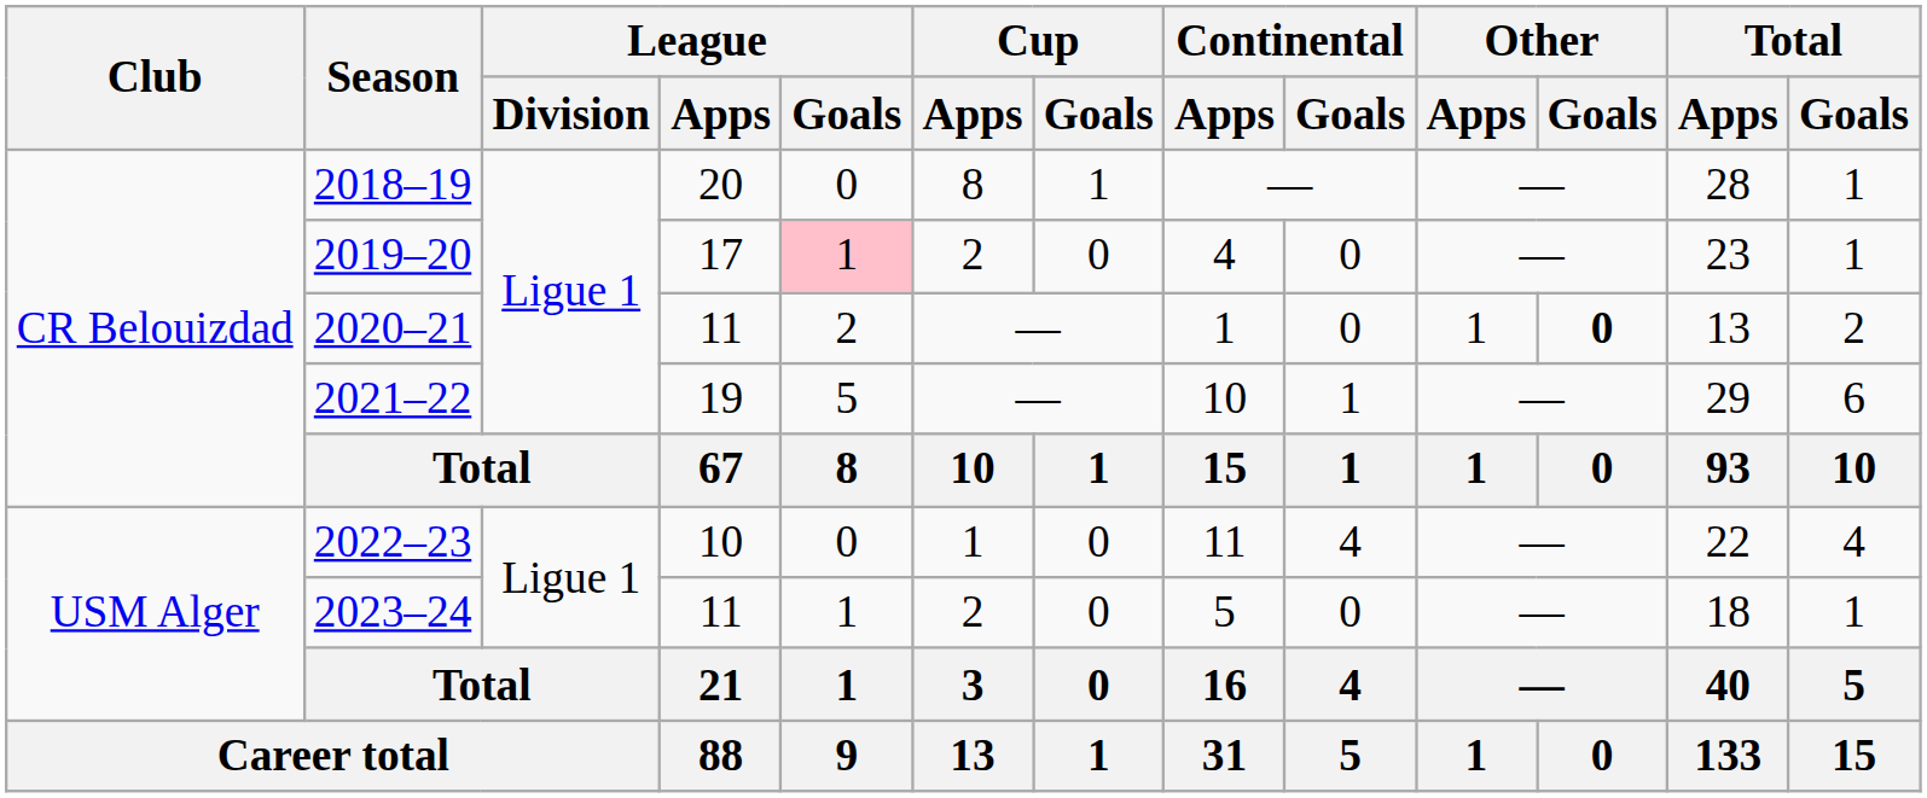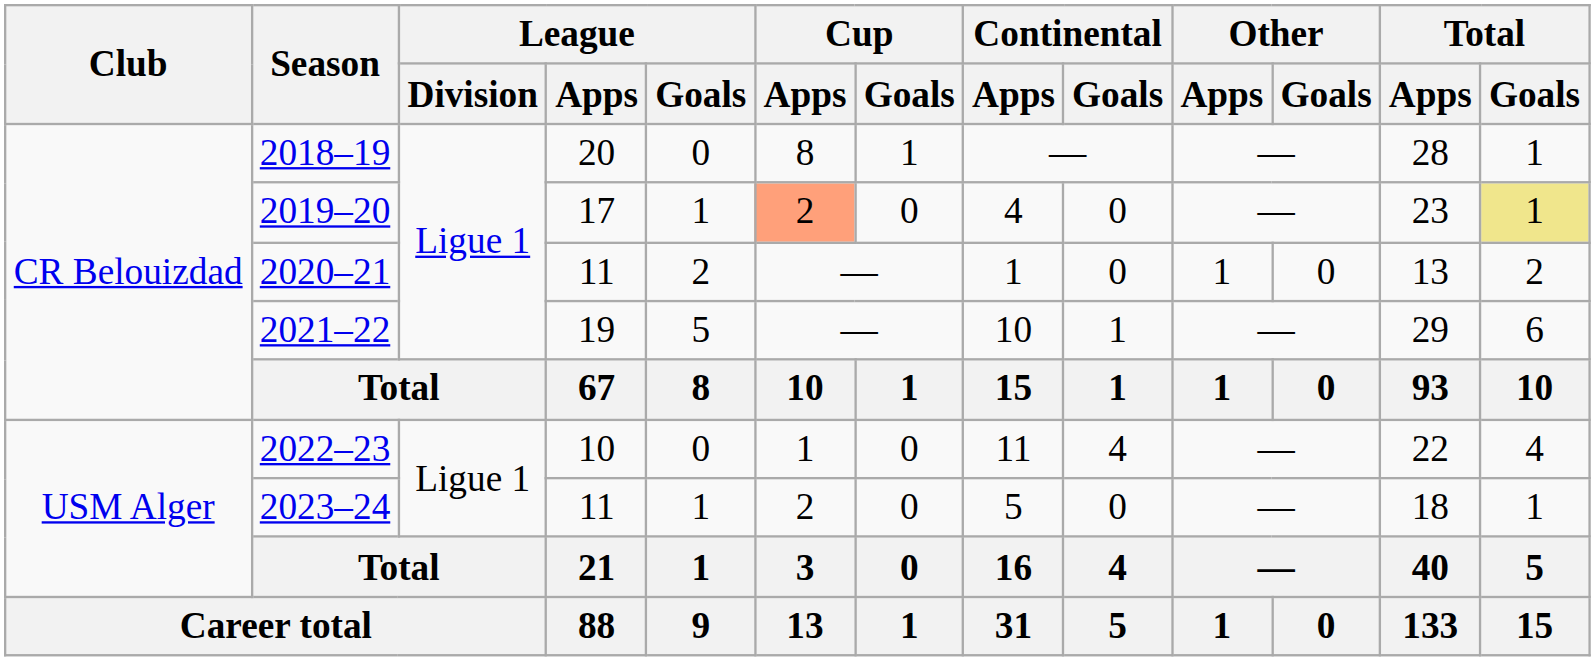 <table class="wikitable" style="text-align:center">
 <tr>
 <th rowspan="2">Club</th>
 <th rowspan="2">Season</th>
 <th colspan="3">League</th>
 <th colspan="2">Cup</th>
 <th colspan="2">Continental</th>
 <th colspan="2">Other</th>
 <th colspan="2">Total</th>
 </tr>
 <tr>
 <th>Division</th>
 <th>Apps</th>
 <th>Goals</th>
 <th>Apps</th>
 <th>Goals</th>
 <th>Apps</th>
 <th>Goals</th>
 <th>Apps</th>
 <th>Goals</th>
 <th>Apps</th>
 <th>Goals</th>
 </tr>
 <tr>
 <td rowspan="5"><a href='#'>CR Belouizdad</a></td>
 <td><a href='#'>2018–19</a></td>
 <td rowspan="4"><a href='#'>Ligue 1</a></td>
 <td>20</td>
 <td>0</td>
 <td>8</td>
 <td>1</td>
 <td colspan="2">—</td>
 <td colspan="2">—</td>
 <td>28</td>
 <td>1</td>
 </tr>
 <tr>
 <td><a href='#'>2019–20</a></td>
 <td>17</td>
-<td style="background: pink;">1</td>
-<td>2</td>
+<td>1</td>
+<td style="background: lightsalmon;">2</td>
 <td>0</td>
 <td>4</td>
 <td>0</td>
 <td colspan="2">—</td>
 <td>23</td>
-<td>1</td>
+<td style="background: khaki;">1</td>
 </tr>
 <tr>
 <td><a href='#'>2020–21</a></td>
 <td>11</td>
 <td>2</td>
 <td colspan="2">—</td>
 <td>1</td>
 <td>0</td>
 <td>1</td>
-<td><strong>0</strong></td>
+<td>0</td>
 <td>13</td>
 <td>2</td>
 </tr>
 <tr>
 <td><a href='#'>2021–22</a></td>
 <td>19</td>
 <td>5</td>
 <td colspan="2">—</td>
 <td>10</td>
 <td>1</td>
 <td colspan="2">—</td>
 <td>29</td>
 <td>6</td>
 </tr>
 <tr>
 <th colspan="2">Total</th>
 <th>67</th>
 <th>8</th>
 <th>10</th>
 <th>1</th>
 <th>15</th>
 <th>1</th>
 <th>1</th>
 <th>0</th>
 <th>93</th>
 <th>10</th>
 </tr>
 <tr>
 <td rowspan="3"><a href='#'>USM Alger</a></td>
 <td><a href='#'>2022–23</a></td>
 <td rowspan="2">Ligue 1</td>
 <td>10</td>
 <td>0</td>
 <td>1</td>
 <td>0</td>
 <td>11</td>
 <td>4</td>
 <td colspan="2">—</td>
 <td>22</td>
 <td>4</td>
 </tr>
 <tr>
 <td><a href='#'>2023–24</a></td>
 <td>11</td>
 <td>1</td>
 <td>2</td>
 <td>0</td>
 <td>5</td>
 <td>0</td>
 <td colspan="2">—</td>
 <td>18</td>
 <td>1</td>
 </tr>
 <tr>
 <th colspan="2">Total</th>
 <th>21</th>
 <th>1</th>
 <th>3</th>
 <th>0</th>
 <th>16</th>
 <th>4</th>
 <th colspan="2">—</th>
 <th>40</th>
 <th>5</th>
 </tr>
 <tr>
 <th colspan="3">Career total</th>
 <th>88</th>
 <th>9</th>
 <th>13</th>
 <th>1</th>
 <th>31</th>
 <th>5</th>
 <th>1</th>
 <th>0</th>
 <th>133</th>
 <th>15</th>
 </tr>
 </table>
